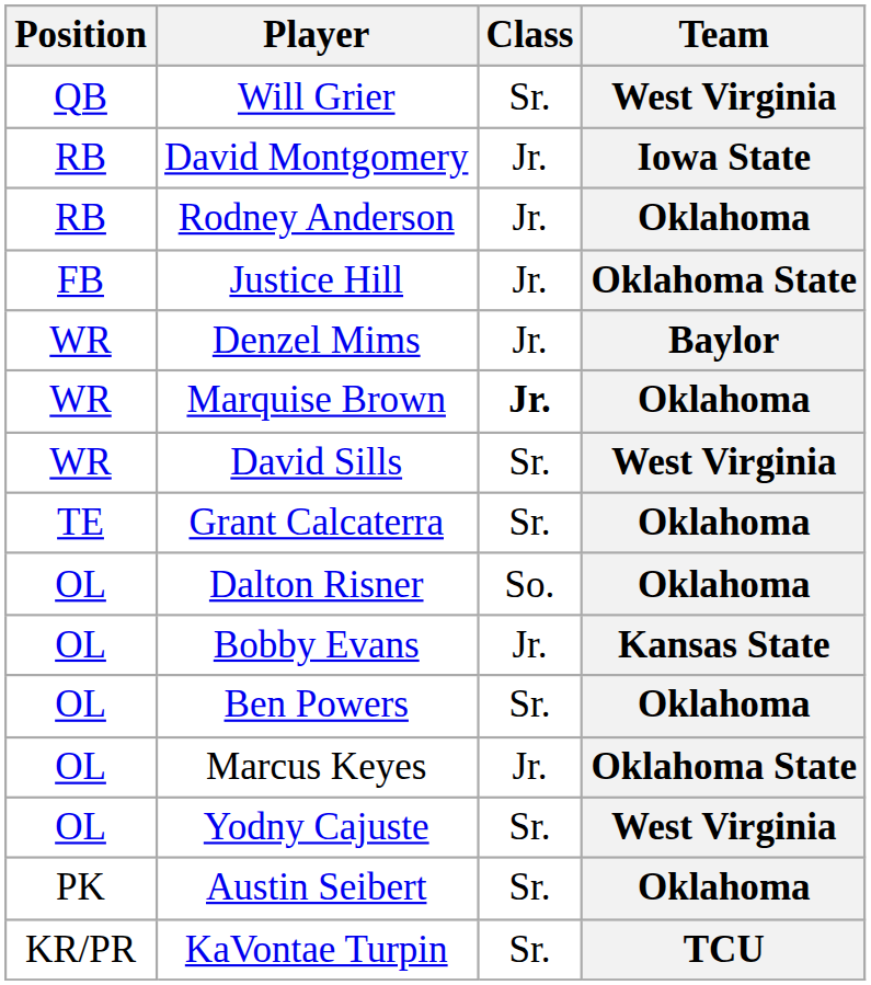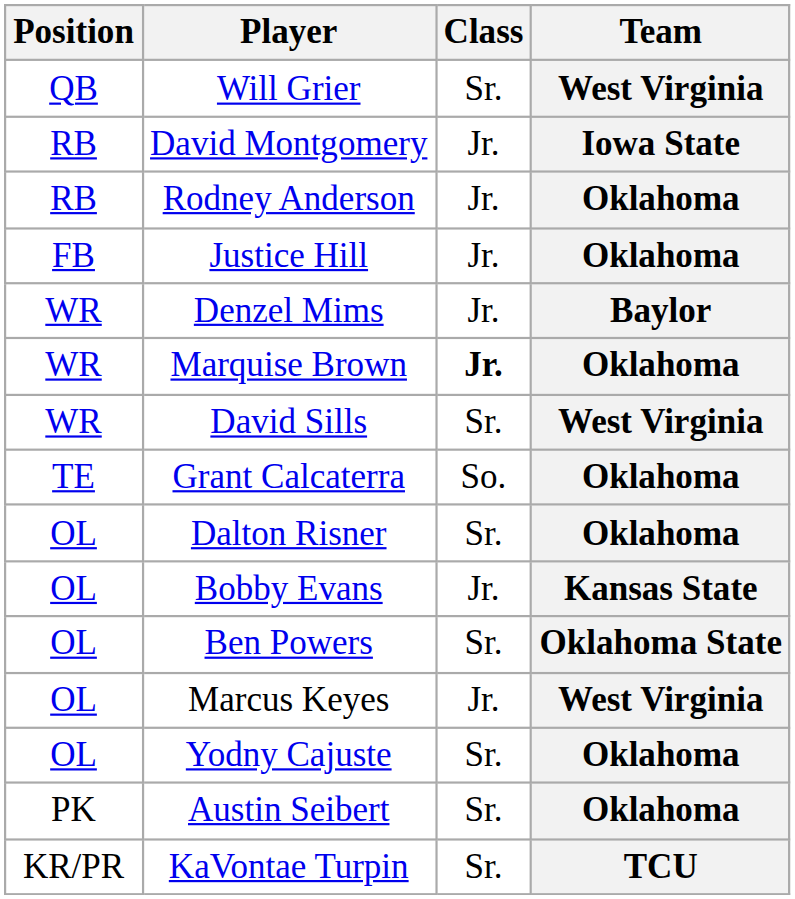 <table class="wikitable sortable" border="1">
 <tr>
 <th>Position</th>
 <th>Player</th>
 <th>Class</th>
 <th>Team</th>
 </tr>
 <tr>
 <td style="text-align:center; background:white"><a href='#'>QB</a></td>
 <td style="text-align:center; background:white"><a href='#'>Will Grier</a></td>
 <td style="text-align:center; background:white">Sr.</td>
 <th>West Virginia</th>
 </tr>
 <tr>
 <td style="text-align:center; background:white"><a href='#'>RB</a></td>
 <td style="text-align:center; background:white"><a href='#'>David Montgomery</a></td>
 <td style="text-align:center; background:white">Jr.</td>
 <th>Iowa State</th>
 </tr>
 <tr>
 <td style="text-align:center; background:white"><a href='#'>RB</a></td>
 <td style="text-align:center; background:white"><a href='#'>Rodney Anderson</a></td>
 <td style="text-align:center; background:white">Jr.</td>
 <th>Oklahoma</th>
 </tr>
 <tr>
 <td style="text-align:center; background:white"><a href='#'>FB</a></td>
 <td style="text-align:center; background:white"><a href='#'>Justice Hill</a></td>
 <td style="text-align:center; background:white">Jr.</td>
-<th>Oklahoma State</th>
+<th>Oklahoma</th>
 </tr>
 <tr>
 <td style="text-align:center; background:white"><a href='#'>WR</a></td>
 <td style="text-align:center; background:white"><a href='#'>Denzel Mims</a></td>
 <td style="text-align:center; background:white">Jr.</td>
 <th>Baylor</th>
 </tr>
 <tr>
 <td style="text-align:center; background:white"><a href='#'>WR</a></td>
 <td style="text-align:center; background:white"><a href='#'>Marquise Brown</a></td>
 <td style="text-align:center; background:white"><strong>Jr.</strong></td>
 <th>Oklahoma</th>
 </tr>
 <tr>
 <td style="text-align:center; background:white"><a href='#'>WR</a></td>
 <td style="text-align:center; background:white"><a href='#'>David Sills</a></td>
 <td style="text-align:center; background:white">Sr.</td>
 <th>West Virginia</th>
 </tr>
 <tr>
 <td style="text-align:center; background:white"><a href='#'>TE</a></td>
 <td style="text-align:center; background:white"><a href='#'>Grant Calcaterra</a></td>
-<td style="text-align:center; background:white">Sr.</td>
+<td style="text-align:center; background:white">So.</td>
 <th>Oklahoma</th>
 </tr>
 <tr>
 <td style="text-align:center; background:white"><a href='#'>OL</a></td>
 <td style="text-align:center; background:white"><a href='#'>Dalton Risner</a></td>
-<td style="text-align:center; background:white">So.</td>
+<td style="text-align:center; background:white">Sr.</td>
 <th>Oklahoma</th>
 </tr>
 <tr>
 <td style="text-align:center; background:white"><a href='#'>OL</a></td>
 <td style="text-align:center; background:white"><a href='#'>Bobby Evans</a></td>
 <td style="text-align:center; background:white">Jr.</td>
 <th>Kansas State</th>
 </tr>
 <tr>
 <td style="text-align:center; background:white"><a href='#'>OL</a></td>
 <td style="text-align:center; background:white"><a href='#'>Ben Powers</a></td>
 <td style="text-align:center; background:white">Sr.</td>
-<th>Oklahoma</th>
+<th>Oklahoma State</th>
 </tr>
 <tr>
 <td style="text-align:center; background:white"><a href='#'>OL</a></td>
 <td style="text-align:center; background:white">Marcus Keyes</td>
 <td style="text-align:center; background:white">Jr.</td>
-<th>Oklahoma State</th>
+<th>West Virginia</th>
 </tr>
 <tr>
 <td style="text-align:center; background:white"><a href='#'>OL</a></td>
 <td style="text-align:center; background:white"><a href='#'>Yodny Cajuste</a></td>
 <td style="text-align:center; background:white">Sr.</td>
-<th>West Virginia</th>
+<th>Oklahoma</th>
 </tr>
 <tr>
 <td style="text-align:center; background:white">PK</td>
 <td style="text-align:center; background:white"><a href='#'>Austin Seibert</a></td>
 <td style="text-align:center; background:white">Sr.</td>
 <th>Oklahoma</th>
 </tr>
 <tr>
 <td style="text-align:center; background:white">KR/PR</td>
 <td style="text-align:center; background:white"><a href='#'>KaVontae Turpin</a></td>
 <td style="text-align:center; background:white">Sr.</td>
 <th>TCU</th>
 </tr>
 </table>
